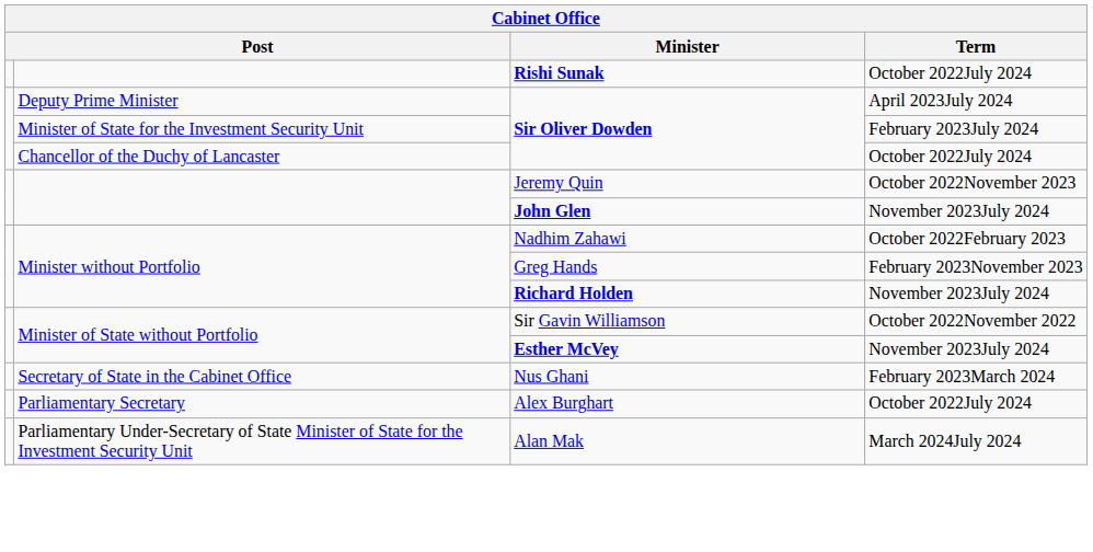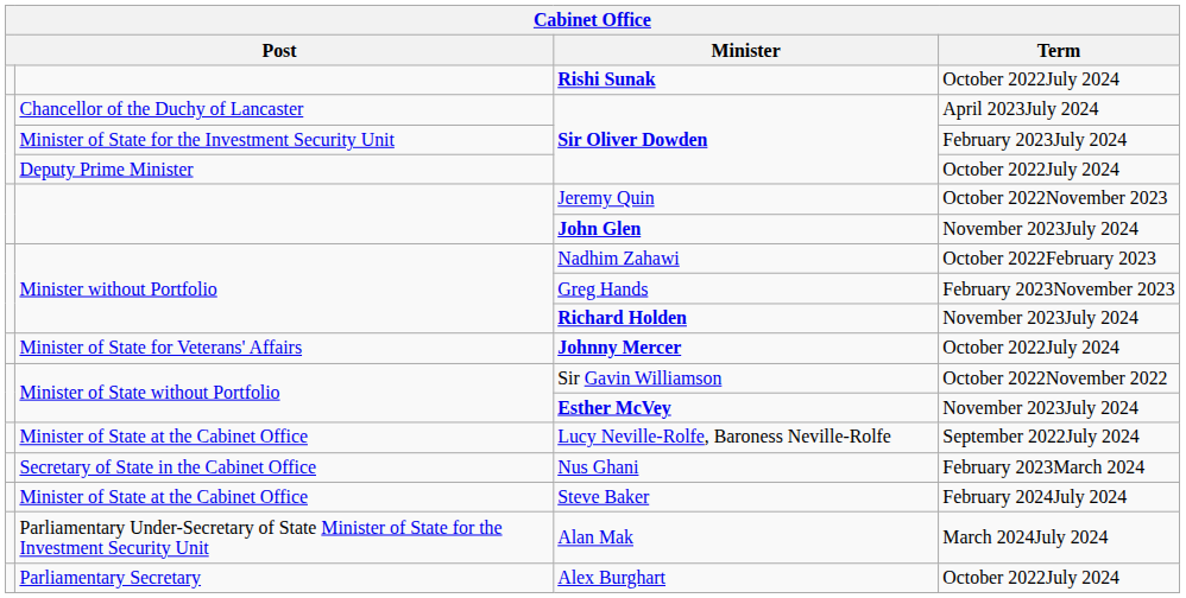 <table class="wikitable">
 <tr>
 <th colspan="4"><a href='#'>Cabinet Office</a></th>
 </tr>
 <tr>
 <th colspan="2">Post</th>
 <th>Minister</th>
 <th>Term</th>
 </tr>
 <tr>
 <td style="width: 1px; background: "></td>
 <td style="width: 450px;"></td>
 <td style="width: 320px;"><strong><a href='#'>Rishi Sunak</a></strong></td>
 <td>October 2022July 2024</td>
 </tr>
 <tr>
 <td rowspan="3" style="width: 1px; background: "></td>
-<td rowspan="1" style="width: 450px;"><a href='#'>Deputy Prime Minister</a></td>
+<td style="width: 450px;"><a href='#'>Chancellor of the Duchy of Lancaster</a></td>
 <td rowspan="3"  style="width: 320px;"><strong><a href='#'>Sir Oliver Dowden</a></strong></td>
 <td>April 2023July 2024</td>
 </tr>
 <tr>
 <td style="width: 450px;"><a href='#'>Minister of State for the Investment Security Unit</a></td>
 <td>February 2023July 2024</td>
 </tr>
 <tr>
-<td style="width: 450px;"><a href='#'>Chancellor of the Duchy of Lancaster</a></td>
+<td rowspan="1" style="width: 450px;"><a href='#'>Deputy Prime Minister</a></td>
 <td>October 2022July 2024</td>
 </tr>
 <tr>
 <td rowspan="2" style="width: 1px; background: "></td>
 <td rowspan="2" style="width: 450px;"></td>
 <td style="width: 320px;"><a href='#'>Jeremy Quin</a></td>
 <td>October 2022November 2023</td>
 </tr>
 <tr>
 <td style="width: 320px;"><strong><a href='#'>John Glen</a></strong> </td>
 <td>November 2023July 2024</td>
 </tr>
 <tr>
 <td rowspan=3 style="width: 1px; background: "></td>
 <td rowspan=3 style="width: 450px;"><a href='#'>Minister without Portfolio</a><br></td>
 <td style="width: 320px;"><a href='#'>Nadhim Zahawi</a></td>
 <td>October 2022February 2023</td>
 </tr>
 <tr>
 <td><a href='#'>Greg Hands</a></td>
 <td>February 2023November 2023</td>
 </tr>
 <tr>
 <td><strong><a href='#'>Richard Holden</a></strong></td>
 <td>November 2023July 2024</td>
 </tr>
 <tr>
+<td rowspan="1" style="width: 1px; background: "></td>
+<td><a href='#'>Minister of State for Veterans' Affairs</a></td>
+<td><strong><a href='#'>Johnny Mercer</a></strong></td>
+<td>October 2022July 2024</td>
+</tr>
+<tr>
 <td rowspan=2 style="width: 1px; background: "></td>
 <td rowspan=2 style="width: 450px;"><a href='#'>Minister of State without Portfolio</a></td>
 <td style="width: 320px;">Sir <a href='#'>Gavin Williamson</a></td>
 <td>October 2022November 2022</td>
 </tr>
 <tr>
 <td style="width: 320px;"><strong><a href='#'>Esther McVey</a></strong></td>
 <td>November 2023July 2024</td>
 </tr>
 <tr>
 <td style="width: 1px; background: "></td>
+<td style="width: 450px;"><a href='#'>Minister of State at the Cabinet Office</a></td>
+<td style="width: 320px;"><a href='#'>Lucy Neville-Rolfe</a>, Baroness Neville-Rolfe </td>
+<td>September 2022July 2024</td>
+</tr>
+<tr>
+<td style="width: 1px; background: "></td>
 <td style="width: 450px;"><a href='#'>Secretary of State in the Cabinet Office</a></td>
 <td style="width: 320px;"><a href='#'>Nus Ghani</a> </td>
 <td>February 2023March 2024</td>
+</tr>
+<tr>
+<td style="width: 1px; background: "></td>
+<td style="width: 450px;"><a href='#'>Minister of State at the Cabinet Office</a></td>
+<td style="width: 320px;"><a href='#'>Steve Baker</a></td>
+<td>February 2024July 2024</td>
+</tr>
+<tr>
+<td style="width: 1px; background: "></td>
+<td style="width: 450px;">Parliamentary Under-Secretary of State <a href='#'>Minister of State for the Investment Security Unit</a></td>
+<td style="width: 320px;"><a href='#'>Alan Mak</a> </td>
+<td>March 2024July 2024</td>
 </tr>
 <tr>
 <td rowspan="1" style="width: 1px; background: "></td>
 <td rowspan="1" style="width: 450px;"><a href='#'>Parliamentary Secretary</a></td>
 <td style="width: 320px;"><a href='#'>Alex Burghart</a></td>
 <td>October 2022July 2024</td>
 </tr>
-<tr>
-<td style="width: 1px; background: "></td>
-<td style="width: 450px;">Parliamentary Under-Secretary of State <a href='#'>Minister of State for the Investment Security Unit</a></td>
-<td style="width: 320px;"><a href='#'>Alan Mak</a> </td>
-<td>March 2024July 2024</td>
-</tr>
 </table>
